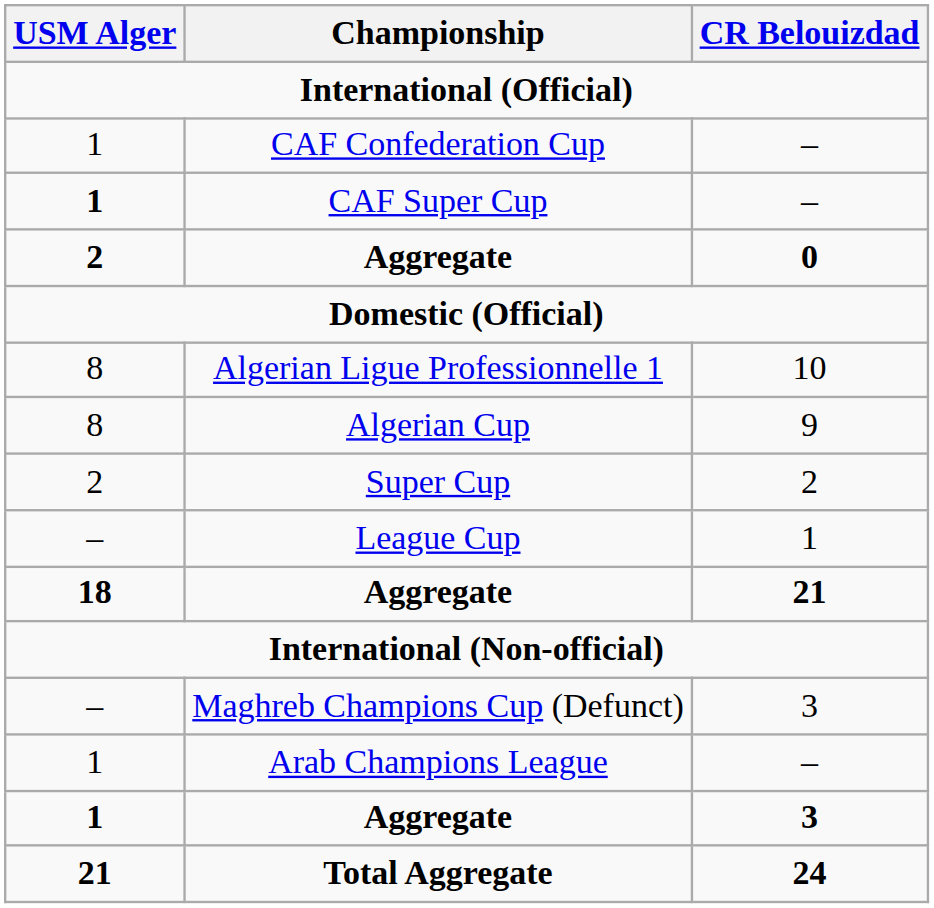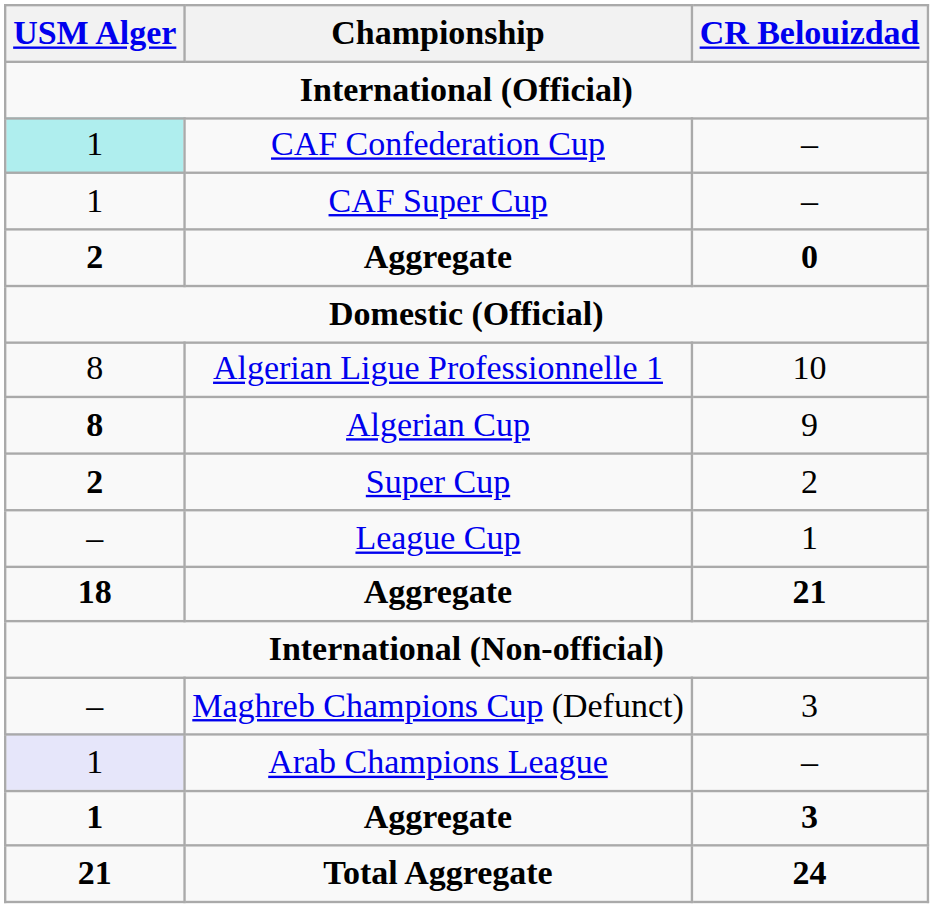 <table class="wikitable plainrowheaders sortable" style="text-align:center;font-size:90%">
 <tr>
 <th><a href='#'>USM Alger</a></th>
 <th>Championship</th>
 <th><a href='#'>CR Belouizdad</a></th>
 </tr>
 <tr>
 <td colspan="3" style="text-align:center;"><strong>International (Official)</strong></td>
 </tr>
 <tr style="text-align:center;">
-<td>1</td>
+<td style="background: paleturquoise;">1</td>
 <td><a href='#'>CAF Confederation Cup</a></td>
 <td>–</td>
 </tr>
 <tr style="text-align:center;">
-<td><strong>1</strong></td>
+<td>1</td>
 <td><a href='#'>CAF Super Cup</a></td>
 <td>–</td>
 </tr>
 <tr>
 <td><strong>2</strong></td>
 <td><strong>Aggregate</strong></td>
 <td><strong>0</strong></td>
 </tr>
 <tr>
 <td colspan="4" style="text-align:center;"><strong>Domestic (Official)</strong></td>
 </tr>
 <tr style="text-align:center;">
 <td>8</td>
 <td><a href='#'>Algerian Ligue Professionnelle 1</a></td>
 <td>10</td>
 </tr>
 <tr style="text-align:center;">
-<td>8</td>
+<td><strong>8</strong></td>
 <td><a href='#'>Algerian Cup</a></td>
 <td>9</td>
 </tr>
 <tr style="text-align:center;">
-<td>2</td>
+<td><strong>2</strong></td>
 <td><a href='#'>Super Cup</a></td>
 <td>2</td>
 </tr>
 <tr style="text-align:center;">
 <td>–</td>
 <td><a href='#'>League Cup</a></td>
 <td>1</td>
 </tr>
 <tr>
 <td><strong>18</strong></td>
 <td><strong>Aggregate</strong></td>
 <td><strong>21</strong></td>
 </tr>
 <tr>
 <td colspan="4" style="text-align:center;"><strong>International (Non-official)</strong></td>
 </tr>
 <tr style="text-align:center;">
 <td>–</td>
 <td><a href='#'>Maghreb Champions Cup</a> (Defunct)</td>
 <td>3</td>
 </tr>
 <tr style="text-align:center;">
-<td>1</td>
+<td style="background: lavender;">1</td>
 <td><a href='#'>Arab Champions League</a></td>
 <td>–</td>
 </tr>
 <tr>
 <td><strong>1</strong></td>
 <td><strong>Aggregate</strong></td>
 <td><strong>3</strong></td>
 </tr>
 <tr align="center">
 <td><strong>21</strong></td>
 <td><strong>Total Aggregate</strong></td>
 <td><strong>24</strong></td>
 </tr>
 </table>
